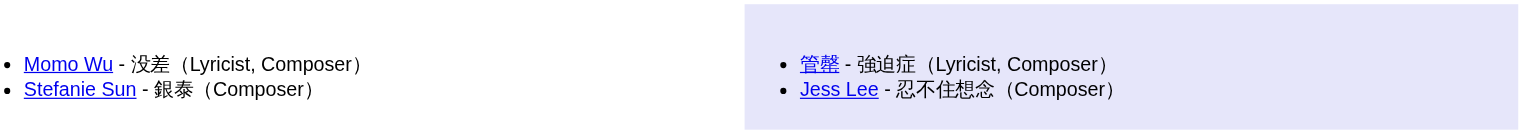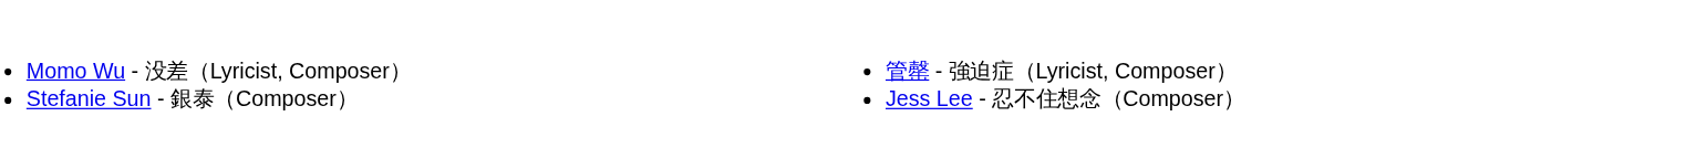 <table border="0" cellpadding="5" width="100%">
 <tr ---- valign="top">
 <td width="50%"></td>
 <td width="50%"></td>
 </tr>
 <tr ---->
 <td valign="top"><br><ul><li><a href='#'>Momo Wu</a> - 没差（Lyricist, Composer）</li><li><a href='#'>Stefanie Sun</a> - 銀泰（Composer）</li></ul></td>
-<td valign="top" style="background: lavender;"><br><ul><li><a href='#'>管罄</a> - 強迫症（Lyricist, Composer）</li><li><a href='#'>Jess Lee</a> - 忍不住想念（Composer）</li></ul></td>
+<td valign="top"><br><ul><li><a href='#'>管罄</a> - 強迫症（Lyricist, Composer）</li><li><a href='#'>Jess Lee</a> - 忍不住想念（Composer）</li></ul></td>
 </tr>
 </table>
